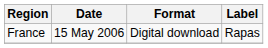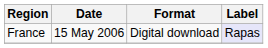 <table class=wikitable>
 <tr>
 <th>Region</th>
 <th>Date</th>
 <th>Format</th>
 <th>Label</th>
 </tr>
 <tr>
 <td>France</td>
 <td>15 May 2006</td>
 <td>Digital download</td>
-<td>Rapas</td>
+<td style="background: lavender;">Rapas</td>
 </tr>
 <tr>
 </tr>
 </table>
